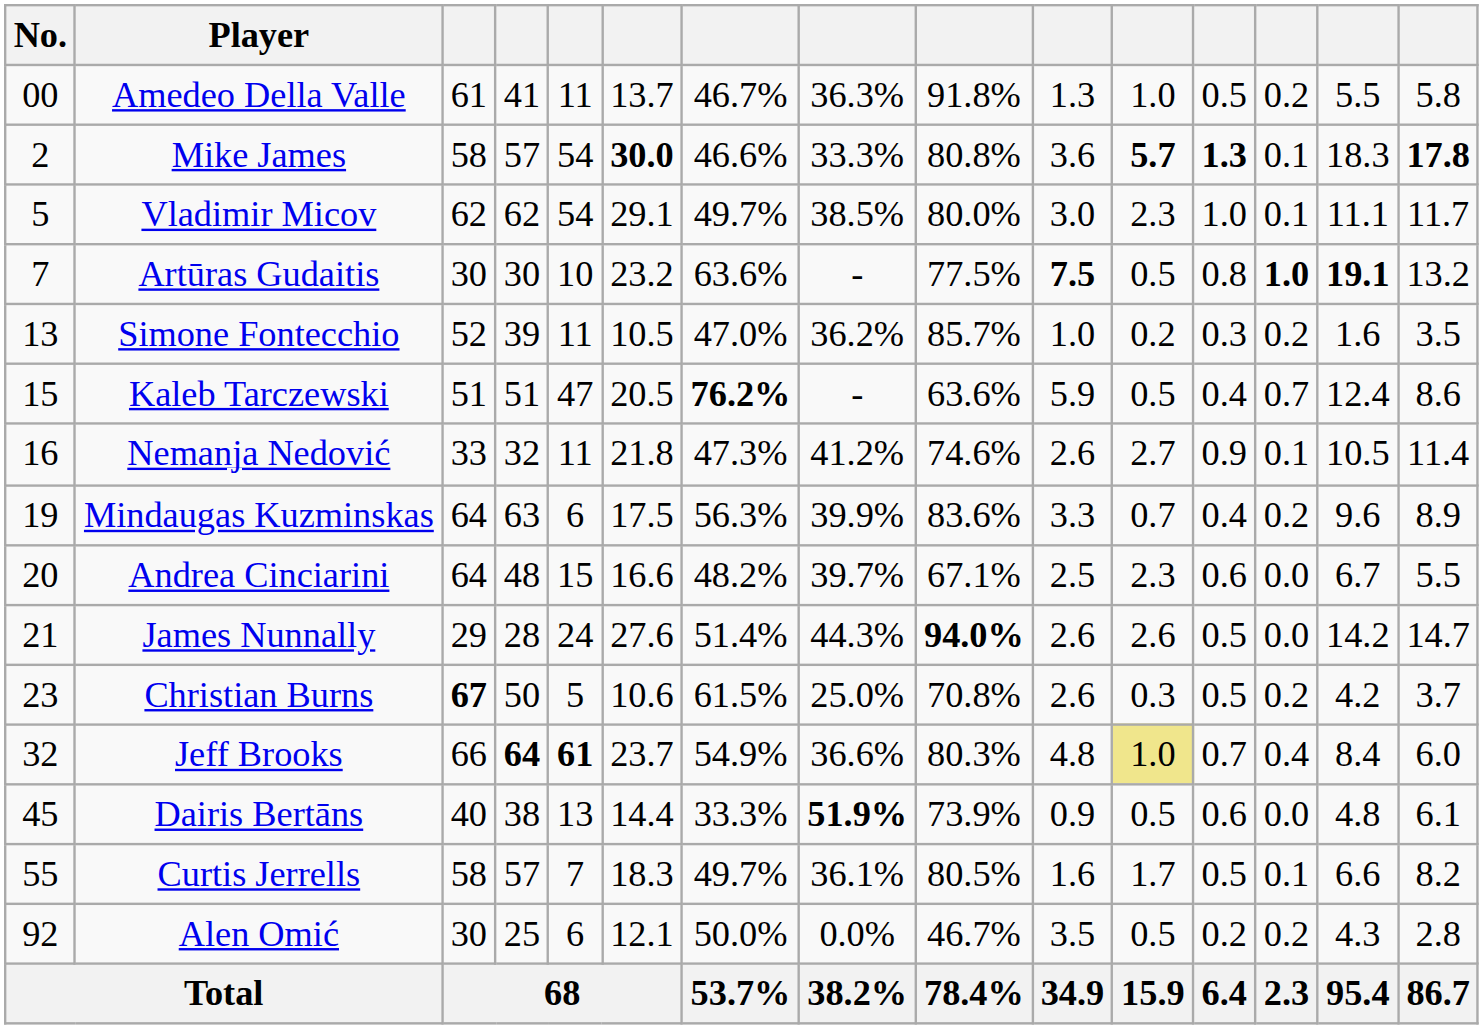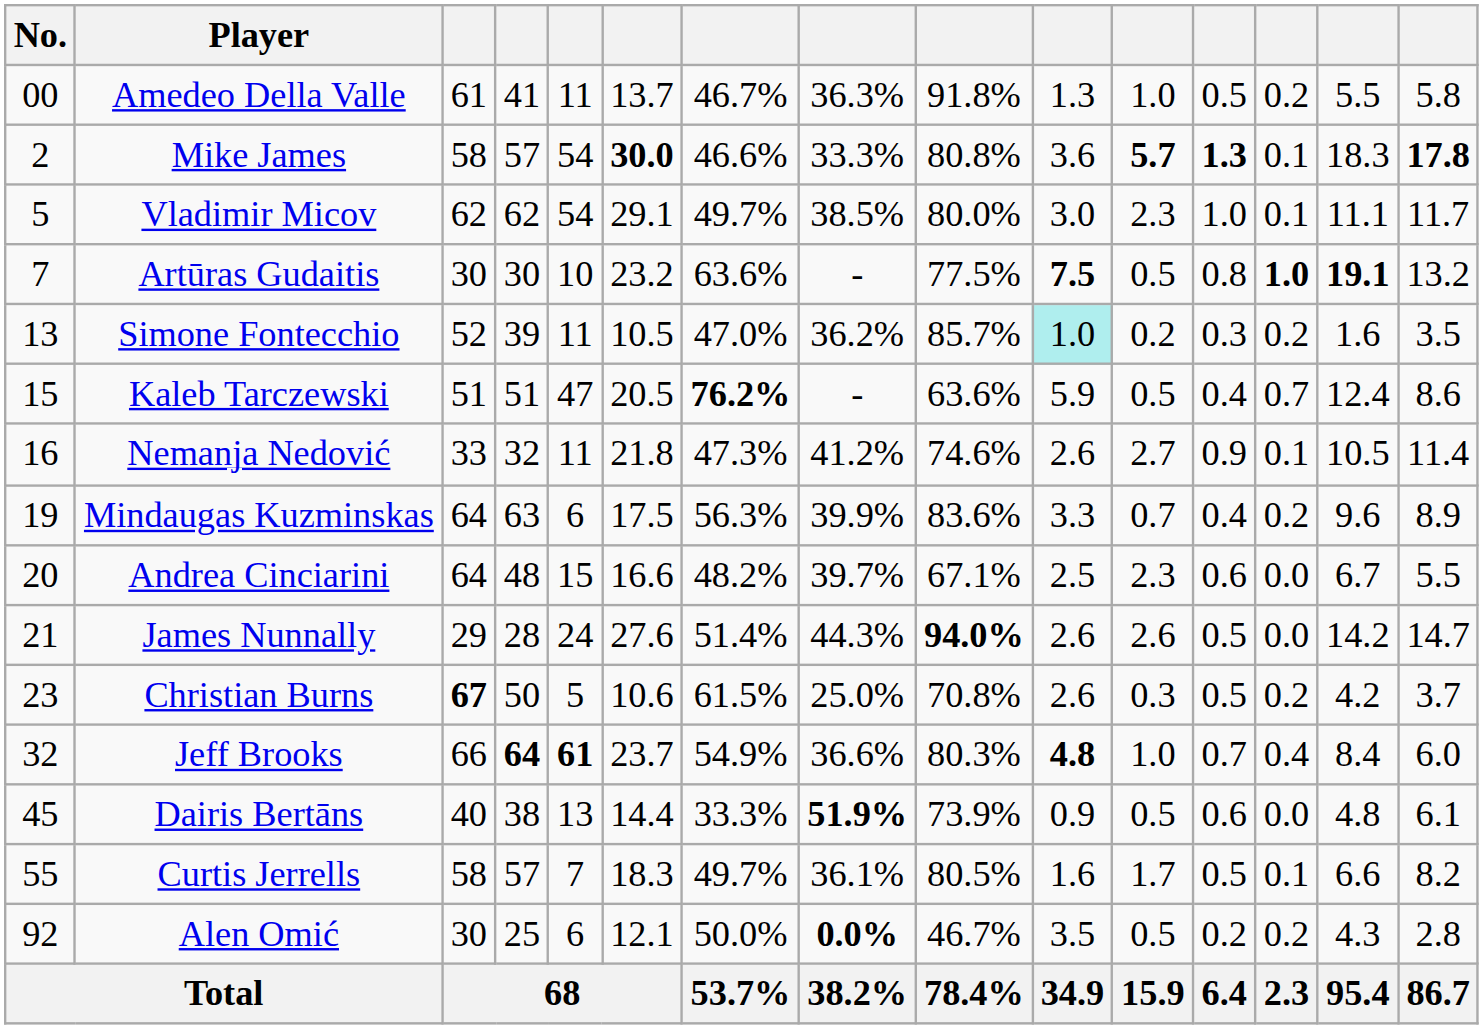 <table class="wikitable sortable" style="text-align:center; font-size:95%">
 <tr>
 <th>No.</th>
 <th>Player</th>
 <th></th>
 <th></th>
 <th></th>
 <th></th>
 <th></th>
 <th></th>
 <th></th>
 <th></th>
 <th></th>
 <th></th>
 <th></th>
 <th></th>
 <th></th>
 </tr>
 <tr>
 <td>00</td>
 <td><a href='#'>Amedeo Della Valle</a></td>
 <td>61</td>
 <td>41</td>
 <td>11</td>
 <td>13.7</td>
 <td>46.7%</td>
 <td>36.3%</td>
 <td>91.8%</td>
 <td>1.3</td>
 <td>1.0</td>
 <td>0.5</td>
 <td>0.2</td>
 <td>5.5</td>
 <td>5.8</td>
 </tr>
 <tr>
 <td>2</td>
 <td><a href='#'>Mike James</a></td>
 <td>58</td>
 <td>57</td>
 <td>54</td>
 <td><strong>30.0</strong></td>
 <td>46.6%</td>
 <td>33.3%</td>
 <td>80.8%</td>
 <td>3.6</td>
 <td><strong>5.7</strong></td>
 <td><strong>1.3</strong></td>
 <td>0.1</td>
 <td>18.3</td>
 <td><strong>17.8</strong></td>
 </tr>
 <tr>
 <td>5</td>
 <td><a href='#'>Vladimir Micov</a></td>
 <td>62</td>
 <td>62</td>
 <td>54</td>
 <td>29.1</td>
 <td>49.7%</td>
 <td>38.5%</td>
 <td>80.0%</td>
 <td>3.0</td>
 <td>2.3</td>
 <td>1.0</td>
 <td>0.1</td>
 <td>11.1</td>
 <td>11.7</td>
 </tr>
 <tr>
 <td>7</td>
 <td><a href='#'>Artūras Gudaitis</a></td>
 <td>30</td>
 <td>30</td>
 <td>10</td>
 <td>23.2</td>
 <td>63.6%</td>
 <td>-</td>
 <td>77.5%</td>
 <td><strong>7.5</strong></td>
 <td>0.5</td>
 <td>0.8</td>
 <td><strong>1.0</strong></td>
 <td><strong>19.1</strong></td>
 <td>13.2</td>
 </tr>
 <tr>
 <td>13</td>
 <td><a href='#'>Simone Fontecchio</a></td>
 <td>52</td>
 <td>39</td>
 <td>11</td>
 <td>10.5</td>
 <td>47.0%</td>
 <td>36.2%</td>
 <td>85.7%</td>
-<td>1.0</td>
+<td style="background: paleturquoise;">1.0</td>
 <td>0.2</td>
 <td>0.3</td>
 <td>0.2</td>
 <td>1.6</td>
 <td>3.5</td>
 </tr>
 <tr>
 <td>15</td>
 <td><a href='#'>Kaleb Tarczewski</a></td>
 <td>51</td>
 <td>51</td>
 <td>47</td>
 <td>20.5</td>
 <td><strong>76.2%</strong></td>
 <td>-</td>
 <td>63.6%</td>
 <td>5.9</td>
 <td>0.5</td>
 <td>0.4</td>
 <td>0.7</td>
 <td>12.4</td>
 <td>8.6</td>
 </tr>
 <tr>
 <td>16</td>
 <td><a href='#'>Nemanja Nedović</a></td>
 <td>33</td>
 <td>32</td>
 <td>11</td>
 <td>21.8</td>
 <td>47.3%</td>
 <td>41.2%</td>
 <td>74.6%</td>
 <td>2.6</td>
 <td>2.7</td>
 <td>0.9</td>
 <td>0.1</td>
 <td>10.5</td>
 <td>11.4</td>
 </tr>
 <tr>
 <td>19</td>
 <td><a href='#'>Mindaugas Kuzminskas</a></td>
 <td>64</td>
 <td>63</td>
 <td>6</td>
 <td>17.5</td>
 <td>56.3%</td>
 <td>39.9%</td>
 <td>83.6%</td>
 <td>3.3</td>
 <td>0.7</td>
 <td>0.4</td>
 <td>0.2</td>
 <td>9.6</td>
 <td>8.9</td>
 </tr>
 <tr>
 <td>20</td>
 <td><a href='#'>Andrea Cinciarini</a></td>
 <td>64</td>
 <td>48</td>
 <td>15</td>
 <td>16.6</td>
 <td>48.2%</td>
 <td>39.7%</td>
 <td>67.1%</td>
 <td>2.5</td>
 <td>2.3</td>
 <td>0.6</td>
 <td>0.0</td>
 <td>6.7</td>
 <td>5.5</td>
 </tr>
 <tr>
 <td>21</td>
 <td><a href='#'>James Nunnally</a></td>
 <td>29</td>
 <td>28</td>
 <td>24</td>
 <td>27.6</td>
 <td>51.4%</td>
 <td>44.3%</td>
 <td><strong>94.0%</strong></td>
 <td>2.6</td>
 <td>2.6</td>
 <td>0.5</td>
 <td>0.0</td>
 <td>14.2</td>
 <td>14.7</td>
 </tr>
 <tr>
 <td>23</td>
 <td><a href='#'>Christian Burns</a></td>
 <td><strong>67</strong></td>
 <td>50</td>
 <td>5</td>
 <td>10.6</td>
 <td>61.5%</td>
 <td>25.0%</td>
 <td>70.8%</td>
 <td>2.6</td>
 <td>0.3</td>
 <td>0.5</td>
 <td>0.2</td>
 <td>4.2</td>
 <td>3.7</td>
 </tr>
 <tr>
 <td>32</td>
 <td><a href='#'>Jeff Brooks</a></td>
 <td>66</td>
 <td><strong>64</strong></td>
 <td><strong>61</strong></td>
 <td>23.7</td>
 <td>54.9%</td>
 <td>36.6%</td>
 <td>80.3%</td>
-<td>4.8</td>
-<td style="background: khaki;">1.0</td>
+<td><strong>4.8</strong></td>
+<td>1.0</td>
 <td>0.7</td>
 <td>0.4</td>
 <td>8.4</td>
 <td>6.0</td>
 </tr>
 <tr>
 <td>45</td>
 <td><a href='#'>Dairis Bertāns</a></td>
 <td>40</td>
 <td>38</td>
 <td>13</td>
 <td>14.4</td>
 <td>33.3%</td>
 <td><strong>51.9%</strong></td>
 <td>73.9%</td>
 <td>0.9</td>
 <td>0.5</td>
 <td>0.6</td>
 <td>0.0</td>
 <td>4.8</td>
 <td>6.1</td>
 </tr>
 <tr>
 <td>55</td>
 <td><a href='#'>Curtis Jerrells</a></td>
 <td>58</td>
 <td>57</td>
 <td>7</td>
 <td>18.3</td>
 <td>49.7%</td>
 <td>36.1%</td>
 <td>80.5%</td>
 <td>1.6</td>
 <td>1.7</td>
 <td>0.5</td>
 <td>0.1</td>
 <td>6.6</td>
 <td>8.2</td>
 </tr>
 <tr>
 <td>92</td>
 <td><a href='#'>Alen Omić</a></td>
 <td>30</td>
 <td>25</td>
 <td>6</td>
 <td>12.1</td>
 <td>50.0%</td>
-<td>0.0%</td>
+<td><strong>0.0%</strong></td>
 <td>46.7%</td>
 <td>3.5</td>
 <td>0.5</td>
 <td>0.2</td>
 <td>0.2</td>
 <td>4.3</td>
 <td>2.8</td>
 </tr>
 <tr class="sortbottom">
 <th colspan=2>Total</th>
 <th colspan=4>68</th>
 <th>53.7%</th>
 <th>38.2%</th>
 <th>78.4%</th>
 <th>34.9</th>
 <th>15.9</th>
 <th>6.4</th>
 <th>2.3</th>
 <th>95.4</th>
 <th>86.7</th>
 </tr>
 </table>
